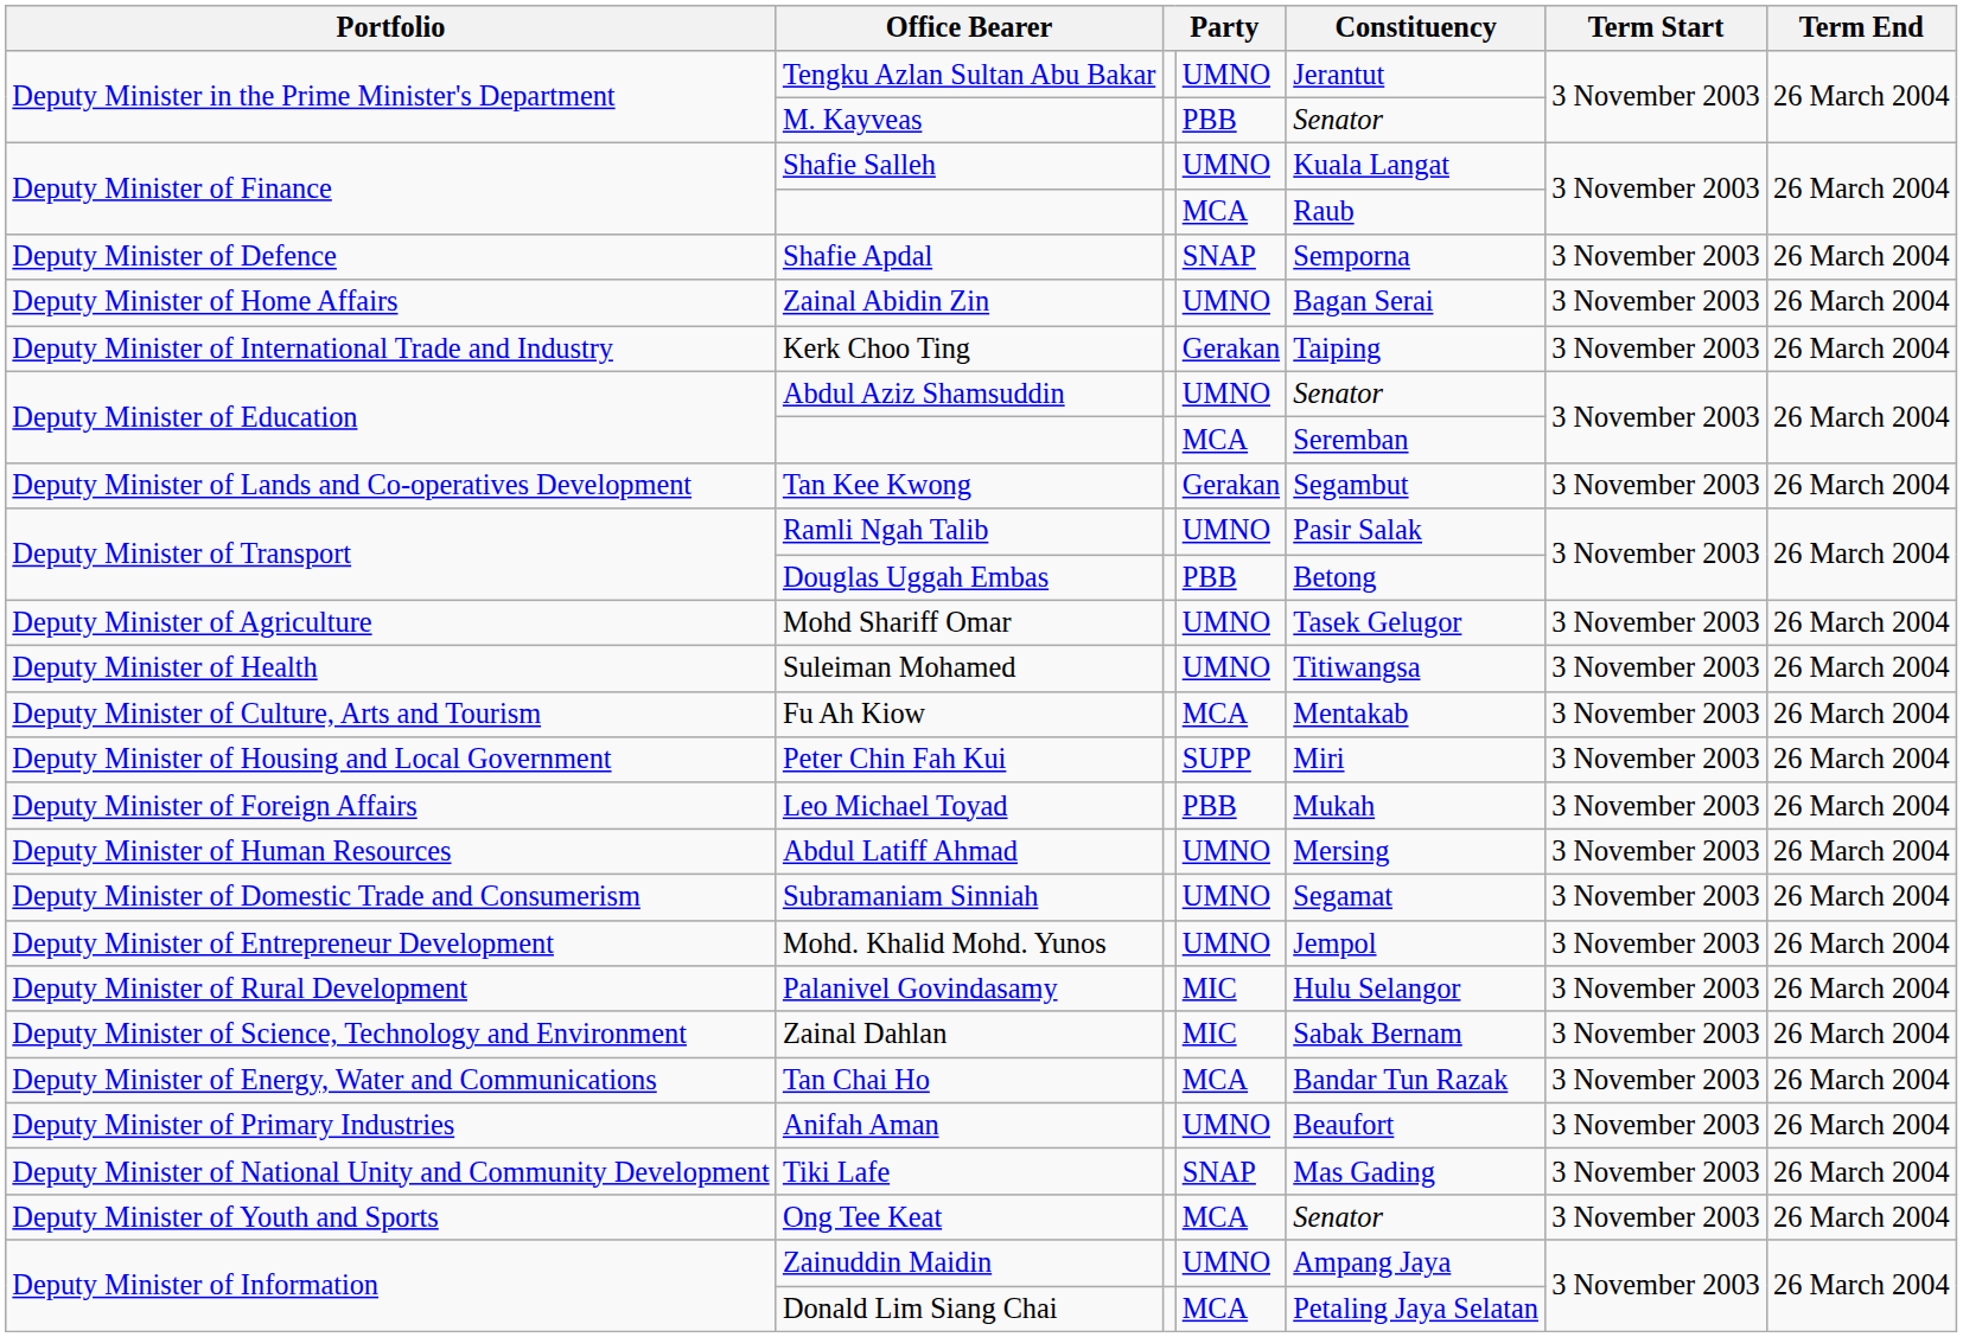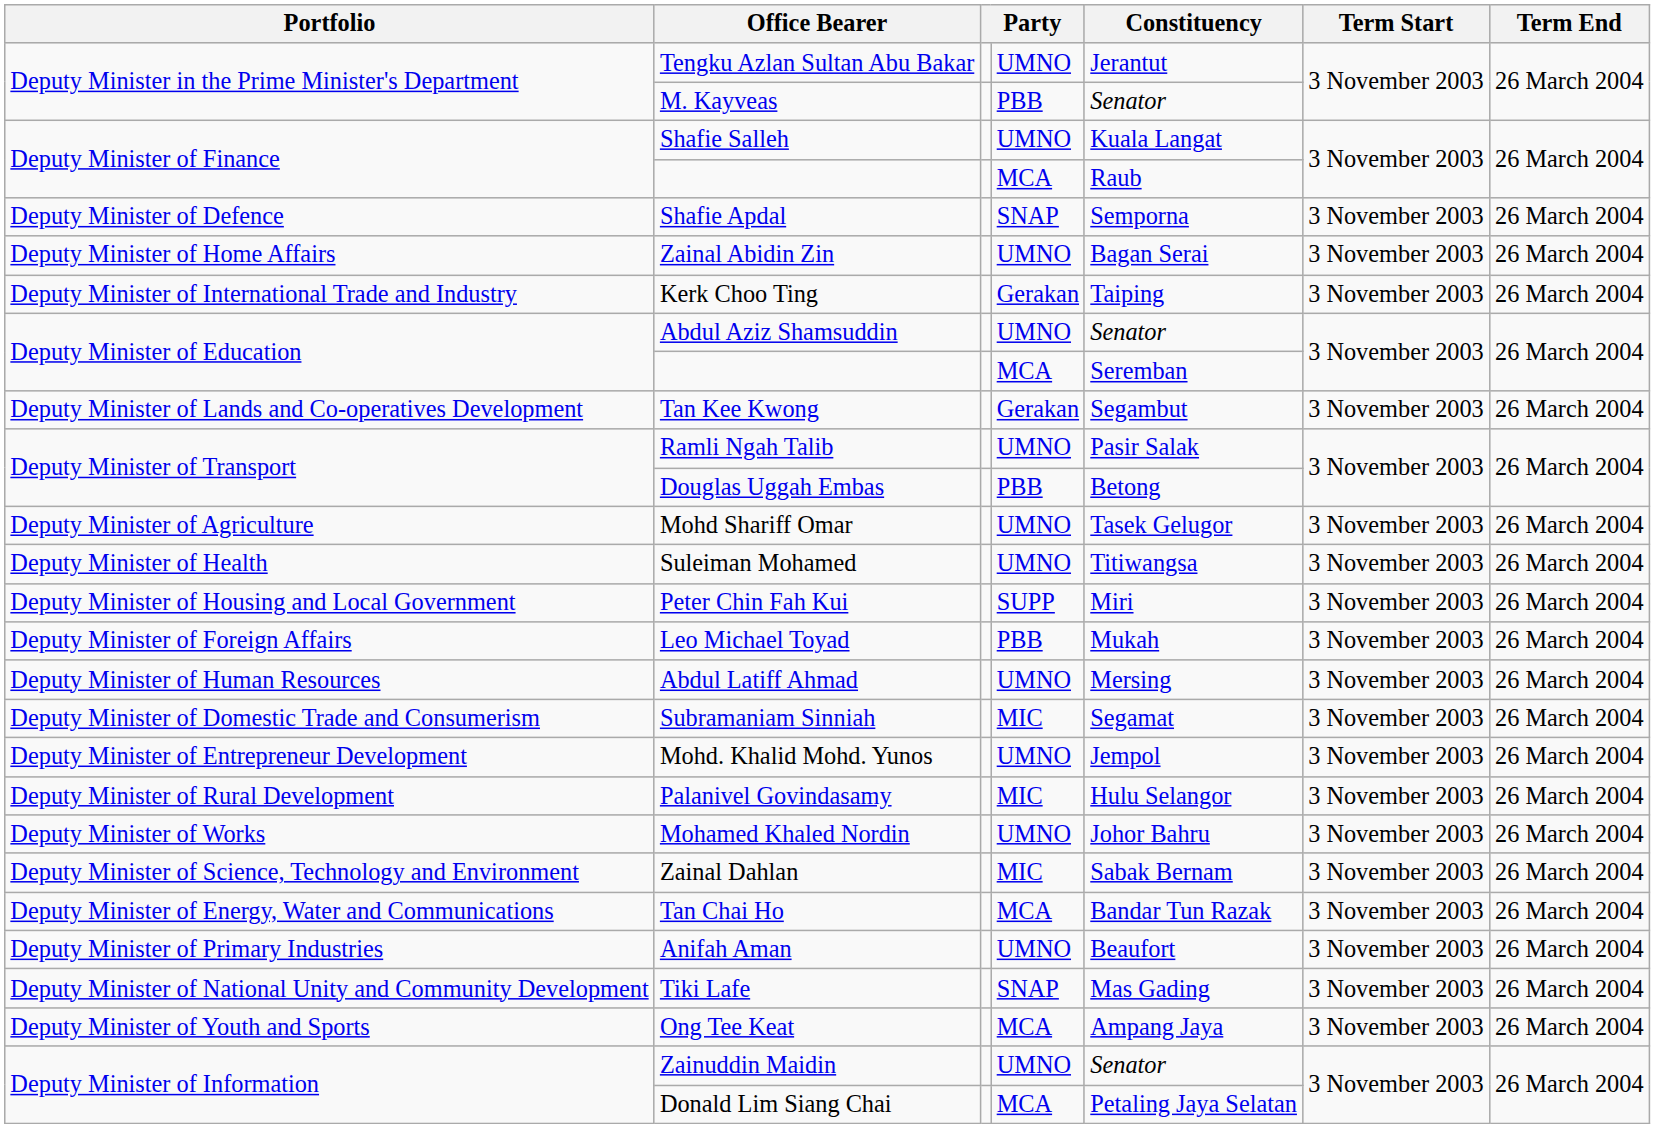 <table class="sortable wikitable">
 <tr>
 <th>Portfolio</th>
 <th>Office Bearer</th>
 <th colspan=2>Party</th>
 <th>Constituency</th>
 <th>Term Start</th>
 <th>Term End</th>
 </tr>
 <tr>
 <td rowspan="2"><a href='#'>Deputy Minister in the Prime Minister's Department</a></td>
 <td><a href='#'>Tengku Azlan Sultan Abu Bakar</a></td>
 <td rowspan=1></td>
 <td><a href='#'>UMNO</a></td>
 <td><a href='#'>Jerantut</a></td>
 <td rowspan=2>3 November 2003</td>
 <td rowspan=2>26 March 2004</td>
 </tr>
 <tr>
 <td><a href='#'>M. Kayveas</a></td>
 <td rowspan=1></td>
 <td><a href='#'>PBB</a></td>
 <td><em>Senator</em></td>
 </tr>
 <tr>
 <td rowspan="2"><a href='#'>Deputy Minister of Finance</a></td>
 <td><a href='#'>Shafie Salleh</a></td>
 <td rowspan=1></td>
 <td><a href='#'>UMNO</a></td>
 <td><a href='#'>Kuala Langat</a></td>
 <td rowspan=2>3 November 2003</td>
 <td rowspan=2>26 March 2004</td>
 </tr>
 <tr>
 <td></td>
 <td rowspan=1></td>
 <td><a href='#'>MCA</a></td>
 <td><a href='#'>Raub</a></td>
 </tr>
 <tr>
 <td><a href='#'>Deputy Minister of Defence</a></td>
 <td><a href='#'>Shafie Apdal</a></td>
 <td rowspan=1></td>
 <td><a href='#'>SNAP</a></td>
 <td><a href='#'>Semporna</a></td>
 <td>3 November 2003</td>
 <td>26 March 2004</td>
 </tr>
 <tr>
 <td><a href='#'>Deputy Minister of Home Affairs</a></td>
 <td><a href='#'>Zainal Abidin Zin</a></td>
 <td rowspan=1></td>
 <td><a href='#'>UMNO</a></td>
 <td><a href='#'>Bagan Serai</a></td>
 <td>3 November 2003</td>
 <td>26 March 2004</td>
 </tr>
 <tr>
 <td><a href='#'>Deputy Minister of International Trade and Industry</a></td>
 <td>Kerk Choo Ting</td>
 <td rowspan=1></td>
 <td><a href='#'>Gerakan</a></td>
 <td><a href='#'>Taiping</a></td>
 <td>3 November 2003</td>
 <td>26 March 2004</td>
 </tr>
 <tr>
 <td rowspan="2"><a href='#'>Deputy Minister of Education</a></td>
 <td><a href='#'>Abdul Aziz Shamsuddin</a></td>
 <td rowspan=1></td>
 <td><a href='#'>UMNO</a></td>
 <td><em>Senator</em></td>
 <td rowspan=2>3 November 2003</td>
 <td rowspan=2>26 March 2004</td>
 </tr>
 <tr>
 <td></td>
 <td rowspan=1></td>
 <td><a href='#'>MCA</a></td>
 <td><a href='#'>Seremban</a></td>
 </tr>
 <tr>
 <td><a href='#'>Deputy Minister of Lands and Co-operatives Development</a></td>
 <td><a href='#'>Tan Kee Kwong</a></td>
 <td rowspan=1></td>
 <td><a href='#'>Gerakan</a></td>
 <td><a href='#'>Segambut</a></td>
 <td>3 November 2003</td>
 <td>26 March 2004</td>
 </tr>
 <tr>
 <td rowspan=2><a href='#'>Deputy Minister of Transport</a></td>
 <td><a href='#'>Ramli Ngah Talib</a></td>
 <td rowspan=1></td>
 <td><a href='#'>UMNO</a></td>
 <td><a href='#'>Pasir Salak</a></td>
 <td rowspan=2>3 November 2003</td>
 <td rowspan=2>26 March 2004</td>
 </tr>
 <tr>
 <td><a href='#'>Douglas Uggah Embas</a></td>
 <td rowspan=1></td>
 <td><a href='#'>PBB</a></td>
 <td><a href='#'>Betong</a></td>
 </tr>
 <tr>
 <td><a href='#'>Deputy Minister of Agriculture</a></td>
 <td>Mohd Shariff Omar</td>
 <td rowspan=1></td>
 <td><a href='#'>UMNO</a></td>
 <td><a href='#'>Tasek Gelugor</a></td>
 <td>3 November 2003</td>
 <td>26 March 2004</td>
 </tr>
 <tr>
 <td><a href='#'>Deputy Minister of Health</a></td>
 <td>Suleiman Mohamed</td>
 <td rowspan=1></td>
 <td><a href='#'>UMNO</a></td>
 <td><a href='#'>Titiwangsa</a></td>
 <td>3 November 2003</td>
 <td>26 March 2004</td>
 </tr>
 <tr>
-<td><a href='#'>Deputy Minister of Culture, Arts and Tourism</a></td>
-<td>Fu Ah Kiow</td>
-<td rowspan=1></td>
-<td><a href='#'>MCA</a></td>
-<td><a href='#'>Mentakab</a></td>
-<td>3 November 2003</td>
-<td>26 March 2004</td>
-</tr>
-<tr>
 <td><a href='#'>Deputy Minister of Housing and Local Government</a></td>
 <td><a href='#'>Peter Chin Fah Kui</a></td>
 <td rowspan=1></td>
 <td><a href='#'>SUPP</a></td>
 <td><a href='#'>Miri</a></td>
 <td>3 November 2003</td>
 <td>26 March 2004</td>
 </tr>
 <tr>
 <td><a href='#'>Deputy Minister of Foreign Affairs</a></td>
 <td><a href='#'>Leo Michael Toyad</a></td>
 <td rowspan=1></td>
 <td><a href='#'>PBB</a></td>
 <td><a href='#'>Mukah</a></td>
 <td>3 November 2003</td>
 <td>26 March 2004</td>
 </tr>
 <tr>
 <td><a href='#'>Deputy Minister of Human Resources</a></td>
 <td><a href='#'>Abdul Latiff Ahmad</a></td>
 <td rowspan=1></td>
 <td><a href='#'>UMNO</a></td>
 <td><a href='#'>Mersing</a></td>
 <td>3 November 2003</td>
 <td>26 March 2004</td>
 </tr>
 <tr>
 <td><a href='#'>Deputy Minister of Domestic Trade and Consumerism</a></td>
 <td><a href='#'>Subramaniam Sinniah</a></td>
 <td rowspan=1></td>
-<td><a href='#'>UMNO</a></td>
+<td><a href='#'>MIC</a></td>
 <td><a href='#'>Segamat</a></td>
 <td>3 November 2003</td>
 <td>26 March 2004</td>
 </tr>
 <tr>
 <td><a href='#'>Deputy Minister of Entrepreneur Development</a></td>
 <td>Mohd. Khalid Mohd. Yunos</td>
 <td rowspan=1></td>
 <td><a href='#'>UMNO</a></td>
 <td><a href='#'>Jempol</a></td>
 <td>3 November 2003</td>
 <td>26 March 2004</td>
 </tr>
 <tr>
 <td><a href='#'>Deputy Minister of Rural Development</a></td>
 <td><a href='#'>Palanivel Govindasamy</a></td>
 <td rowspan=1></td>
 <td><a href='#'>MIC</a></td>
 <td><a href='#'>Hulu Selangor</a></td>
+<td>3 November 2003</td>
+<td>26 March 2004</td>
+</tr>
+<tr>
+<td><a href='#'>Deputy Minister of Works</a></td>
+<td><a href='#'>Mohamed Khaled Nordin</a></td>
+<td rowspan=1></td>
+<td><a href='#'>UMNO</a></td>
+<td><a href='#'>Johor Bahru</a></td>
 <td>3 November 2003</td>
 <td>26 March 2004</td>
 </tr>
 <tr>
 <td><a href='#'>Deputy Minister of Science, Technology and Environment</a></td>
 <td>Zainal Dahlan</td>
 <td rowspan=1></td>
 <td><a href='#'>MIC</a></td>
 <td><a href='#'>Sabak Bernam</a></td>
 <td>3 November 2003</td>
 <td>26 March 2004</td>
 </tr>
 <tr>
 <td><a href='#'>Deputy Minister of Energy, Water and Communications</a></td>
 <td><a href='#'>Tan Chai Ho</a></td>
 <td rowspan=1></td>
 <td><a href='#'>MCA</a></td>
 <td><a href='#'>Bandar Tun Razak</a></td>
 <td>3 November 2003</td>
 <td>26 March 2004</td>
 </tr>
 <tr>
 <td><a href='#'>Deputy Minister of Primary Industries</a></td>
 <td><a href='#'>Anifah Aman</a></td>
 <td rowspan=1></td>
 <td><a href='#'>UMNO</a></td>
 <td><a href='#'>Beaufort</a></td>
 <td>3 November 2003</td>
 <td>26 March 2004</td>
 </tr>
 <tr>
 <td><a href='#'>Deputy Minister of National Unity and Community Development</a></td>
 <td><a href='#'>Tiki Lafe</a></td>
 <td rowspan=1></td>
 <td><a href='#'>SNAP</a></td>
 <td><a href='#'>Mas Gading</a></td>
 <td>3 November 2003</td>
 <td>26 March 2004</td>
 </tr>
 <tr>
 <td><a href='#'>Deputy Minister of Youth and Sports</a></td>
 <td><a href='#'>Ong Tee Keat</a></td>
 <td rowspan=1></td>
 <td><a href='#'>MCA</a></td>
-<td><em>Senator</em></td>
+<td><a href='#'>Ampang Jaya</a></td>
 <td>3 November 2003</td>
 <td>26 March 2004</td>
 </tr>
 <tr>
 <td rowspan=2><a href='#'>Deputy Minister of Information</a></td>
 <td><a href='#'>Zainuddin Maidin</a></td>
 <td rowspan=1></td>
 <td><a href='#'>UMNO</a></td>
-<td><a href='#'>Ampang Jaya</a></td>
+<td><em>Senator</em></td>
 <td rowspan=2>3 November 2003</td>
 <td rowspan=2>26 March 2004</td>
 </tr>
 <tr>
 <td>Donald Lim Siang Chai</td>
 <td rowspan=1></td>
 <td><a href='#'>MCA</a></td>
 <td><a href='#'>Petaling Jaya Selatan</a></td>
 </tr>
 </table>
